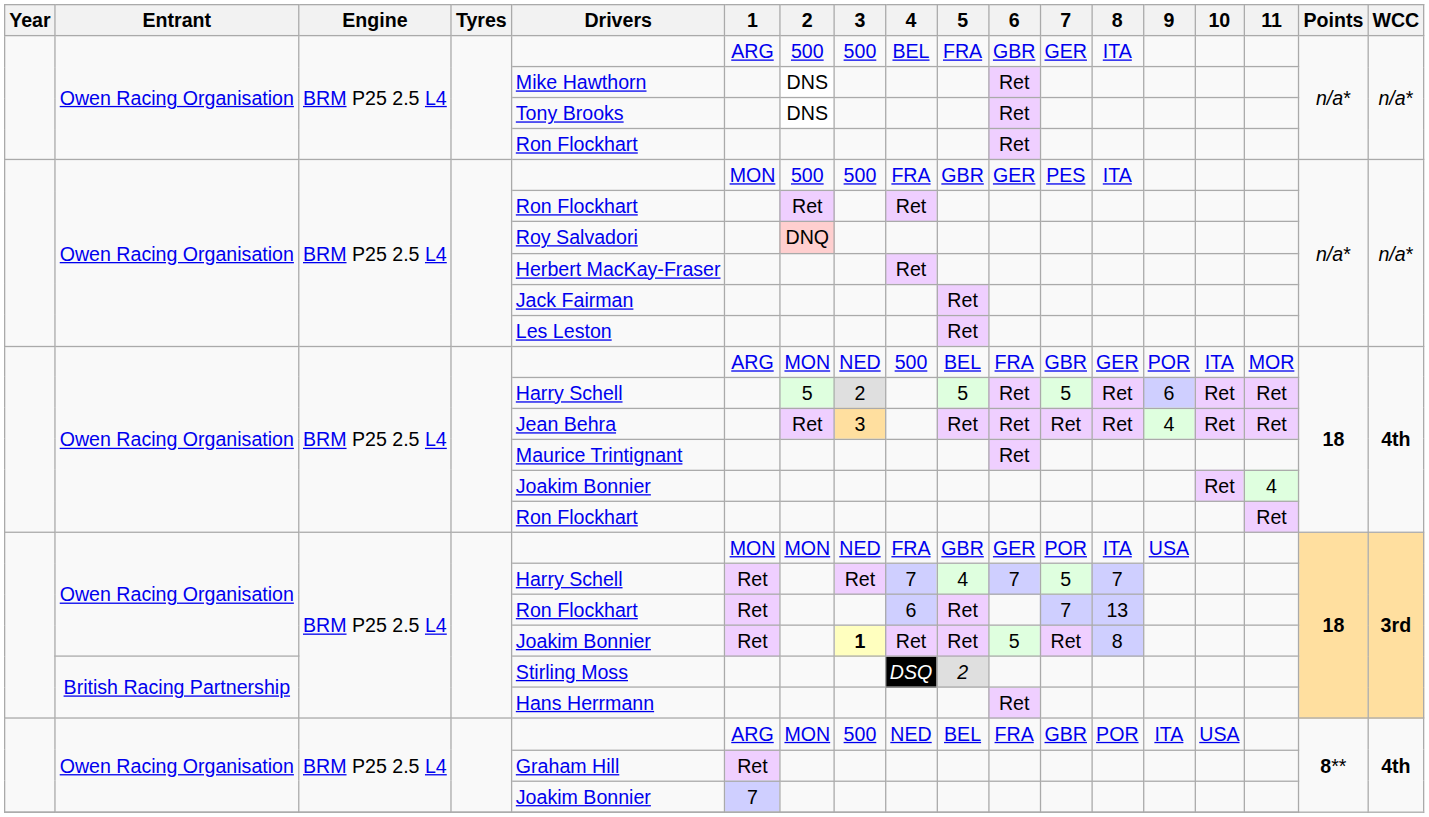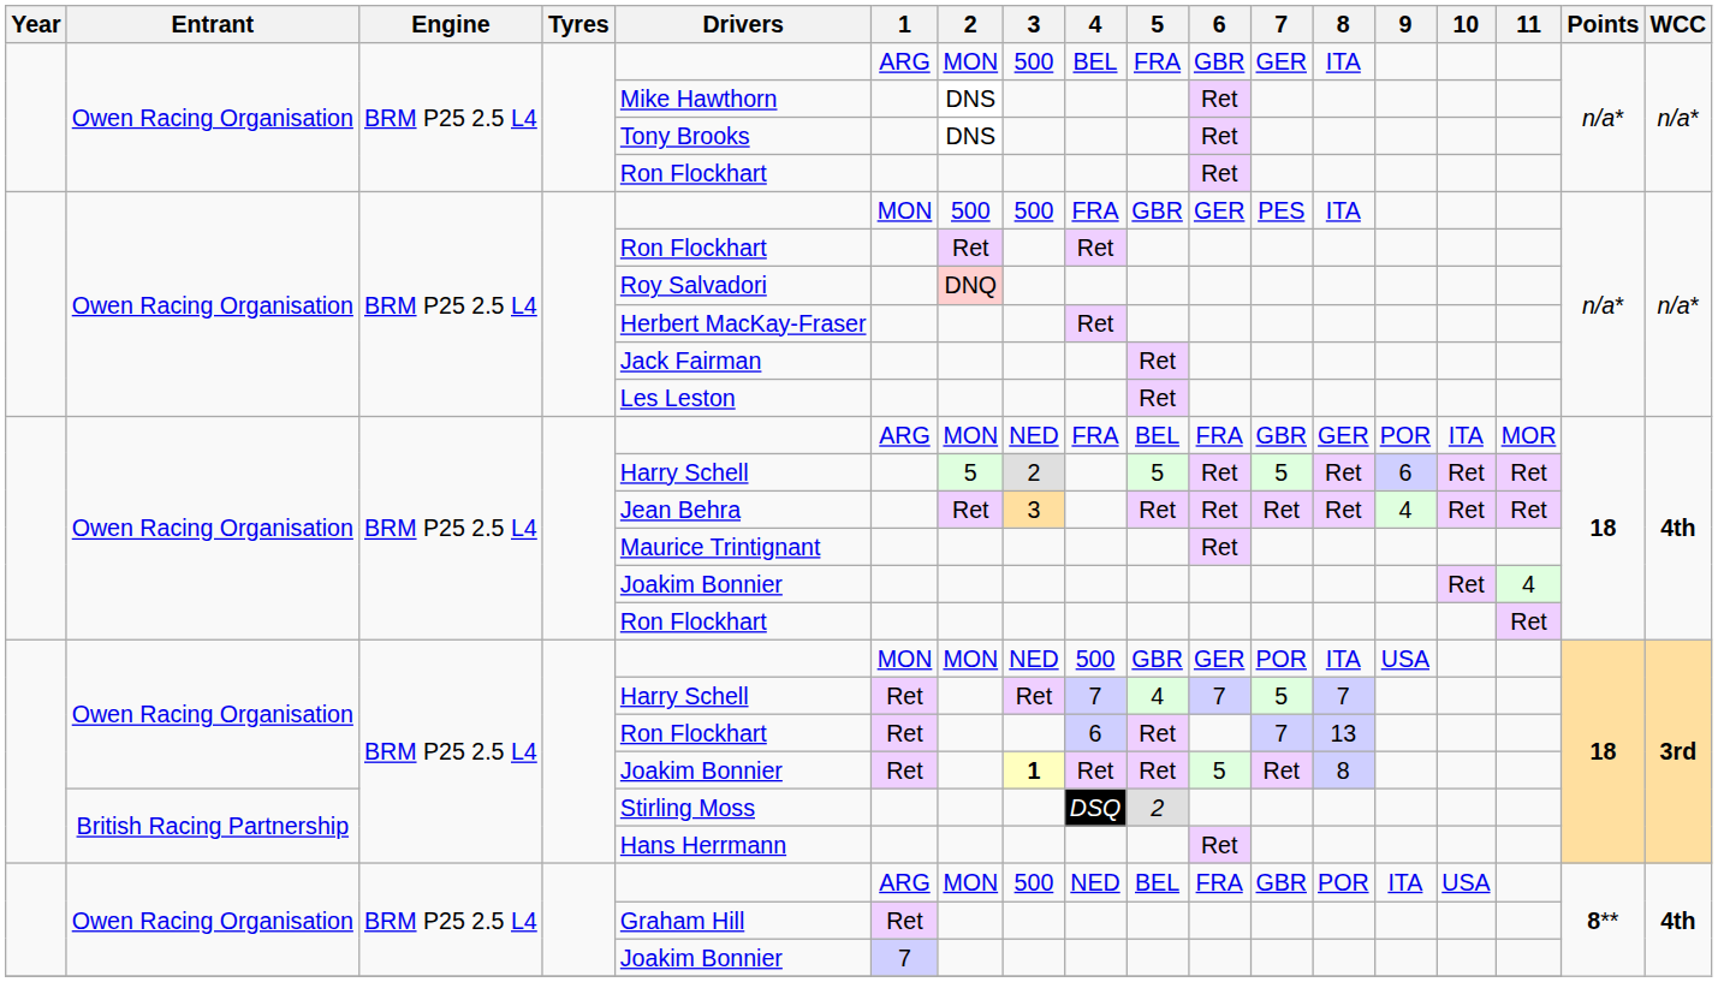 <table class="wikitable" style="text-align:center; font-size:95%">
 <tr>
 <th>Year</th>
 <th>Entrant</th>
 <th>Engine</th>
 <th>Tyres</th>
 <th>Drivers</th>
 <th>1</th>
 <th>2</th>
 <th>3</th>
 <th>4</th>
 <th>5</th>
 <th>6</th>
 <th>7</th>
 <th>8</th>
 <th>9</th>
 <th>10</th>
 <th>11</th>
 <th>Points</th>
 <th>WCC</th>
 </tr>
 <tr>
 <td rowspan="4"></td>
 <td rowspan="4"><a href='#'>Owen Racing Organisation</a></td>
 <td rowspan="4"><a href='#'>BRM</a> P25 2.5 <a href='#'>L4</a></td>
 <td rowspan="4"></td>
 <td></td>
 <td><a href='#'>ARG</a></td>
-<td><a href='#'>500</a></td>
+<td><a href='#'>MON</a></td>
 <td><a href='#'>500</a></td>
 <td><a href='#'>BEL</a></td>
 <td><a href='#'>FRA</a></td>
 <td><a href='#'>GBR</a></td>
 <td><a href='#'>GER</a></td>
 <td><a href='#'>ITA</a></td>
 <td></td>
 <td></td>
 <td></td>
 <td rowspan="4"><em>n/a</em>*</td>
 <td rowspan="4"><em>n/a</em>*</td>
 </tr>
 <tr>
 <td align="left"><a href='#'>Mike Hawthorn</a></td>
 <td></td>
 <td style="background:#ffffff;">DNS</td>
 <td></td>
 <td></td>
 <td></td>
 <td style="background:#EFCFFF;">Ret</td>
 <td></td>
 <td></td>
 <td></td>
 <td></td>
 <td></td>
 </tr>
 <tr>
 <td align="left"><a href='#'>Tony Brooks</a></td>
 <td></td>
 <td style="background:#ffffff;">DNS</td>
 <td></td>
 <td></td>
 <td></td>
 <td style="background:#EFCFFF;">Ret</td>
 <td></td>
 <td></td>
 <td></td>
 <td></td>
 <td></td>
 </tr>
 <tr>
 <td align="left"><a href='#'>Ron Flockhart</a></td>
 <td></td>
 <td></td>
 <td></td>
 <td></td>
 <td></td>
 <td style="background:#EFCFFF;">Ret</td>
 <td></td>
 <td></td>
 <td></td>
 <td></td>
 <td></td>
 </tr>
 <tr>
 <td rowspan="6"></td>
 <td rowspan="6"><a href='#'>Owen Racing Organisation</a></td>
 <td rowspan="6"><a href='#'>BRM</a> P25 2.5 <a href='#'>L4</a></td>
 <td rowspan="6"></td>
 <td></td>
 <td><a href='#'>MON</a></td>
 <td><a href='#'>500</a></td>
 <td><a href='#'>500</a></td>
 <td><a href='#'>FRA</a></td>
 <td><a href='#'>GBR</a></td>
 <td><a href='#'>GER</a></td>
 <td><a href='#'>PES</a></td>
 <td><a href='#'>ITA</a></td>
 <td></td>
 <td></td>
 <td></td>
 <td rowspan="6"><em>n/a</em>*</td>
 <td rowspan="6"><em>n/a</em>*</td>
 </tr>
 <tr>
 <td align="left"><a href='#'>Ron Flockhart</a></td>
 <td></td>
 <td style="background:#EFCFFF;">Ret</td>
 <td></td>
 <td style="background:#EFCFFF;">Ret</td>
 <td></td>
 <td></td>
 <td></td>
 <td></td>
 <td></td>
 <td></td>
 <td></td>
 </tr>
 <tr>
 <td align="left"><a href='#'>Roy Salvadori</a></td>
 <td></td>
 <td style="background:#FFCFCF;">DNQ</td>
 <td></td>
 <td></td>
 <td></td>
 <td></td>
 <td></td>
 <td></td>
 <td></td>
 <td></td>
 <td></td>
 </tr>
 <tr>
 <td align="left"><a href='#'>Herbert MacKay-Fraser</a></td>
 <td></td>
 <td></td>
 <td></td>
 <td style="background:#EFCFFF;">Ret</td>
 <td></td>
 <td></td>
 <td></td>
 <td></td>
 <td></td>
 <td></td>
 <td></td>
 </tr>
 <tr>
 <td align="left"><a href='#'>Jack Fairman</a></td>
 <td></td>
 <td></td>
 <td></td>
 <td></td>
 <td style="background:#EFCFFF;">Ret</td>
 <td></td>
 <td></td>
 <td></td>
 <td></td>
 <td></td>
 <td></td>
 </tr>
 <tr>
 <td align="left"><a href='#'>Les Leston</a></td>
 <td></td>
 <td></td>
 <td></td>
 <td></td>
 <td style="background:#EFCFFF;">Ret</td>
 <td></td>
 <td></td>
 <td></td>
 <td></td>
 <td></td>
 <td></td>
 </tr>
 <tr>
 <td rowspan="6"></td>
 <td rowspan="6"><a href='#'>Owen Racing Organisation</a></td>
 <td rowspan="6"><a href='#'>BRM</a> P25 2.5 <a href='#'>L4</a></td>
 <td rowspan="6"></td>
 <td></td>
 <td><a href='#'>ARG</a></td>
 <td><a href='#'>MON</a></td>
 <td><a href='#'>NED</a></td>
-<td><a href='#'>500</a></td>
+<td><a href='#'>FRA</a></td>
 <td><a href='#'>BEL</a></td>
 <td><a href='#'>FRA</a></td>
 <td><a href='#'>GBR</a></td>
 <td><a href='#'>GER</a></td>
 <td><a href='#'>POR</a></td>
 <td><a href='#'>ITA</a></td>
 <td><a href='#'>MOR</a></td>
 <td rowspan="6"><strong>18</strong></td>
 <td rowspan="6"><strong>4th</strong></td>
 </tr>
 <tr>
 <td align="left"><a href='#'>Harry Schell</a></td>
 <td></td>
 <td style="background:#DFFFDF;">5</td>
 <td style="background:#DFDFDF;">2</td>
 <td></td>
 <td style="background:#DFFFDF;">5</td>
 <td style="background:#EFCFFF;">Ret</td>
 <td style="background:#DFFFDF;">5</td>
 <td style="background:#EFCFFF;">Ret</td>
 <td style="background:#CFCFFF;">6</td>
 <td style="background:#EFCFFF;">Ret</td>
 <td style="background:#EFCFFF;">Ret</td>
 </tr>
 <tr>
 <td align="left"><a href='#'>Jean Behra</a></td>
 <td></td>
 <td style="background:#EFCFFF;">Ret</td>
 <td style="background:#FFDF9F;">3</td>
 <td></td>
 <td style="background:#EFCFFF;">Ret</td>
 <td style="background:#EFCFFF;">Ret</td>
 <td style="background:#EFCFFF;">Ret</td>
 <td style="background:#EFCFFF;">Ret</td>
 <td style="background:#DFFFDF;">4</td>
 <td style="background:#EFCFFF;">Ret</td>
 <td style="background:#EFCFFF;">Ret</td>
 </tr>
 <tr>
 <td align="left"><a href='#'>Maurice Trintignant</a></td>
 <td></td>
 <td></td>
 <td></td>
 <td></td>
 <td></td>
 <td style="background:#EFCFFF;">Ret</td>
 <td></td>
 <td></td>
 <td></td>
 <td></td>
 <td></td>
 </tr>
 <tr>
 <td align="left"><a href='#'>Joakim Bonnier</a></td>
 <td></td>
 <td></td>
 <td></td>
 <td></td>
 <td></td>
 <td></td>
 <td></td>
 <td></td>
 <td></td>
 <td style="background:#EFCFFF;">Ret</td>
 <td style="background:#DFFFDF;">4</td>
 </tr>
 <tr>
 <td align="left"><a href='#'>Ron Flockhart</a></td>
 <td></td>
 <td></td>
 <td></td>
 <td></td>
 <td></td>
 <td></td>
 <td></td>
 <td></td>
 <td></td>
 <td></td>
 <td style="background:#EFCFFF;">Ret</td>
 </tr>
 <tr>
 <td rowspan="6"></td>
 <td rowspan="4"><a href='#'>Owen Racing Organisation</a></td>
 <td rowspan="6"><a href='#'>BRM</a> P25 2.5 <a href='#'>L4</a></td>
 <td rowspan="6"></td>
 <td></td>
 <td><a href='#'>MON</a></td>
 <td><a href='#'>MON</a></td>
 <td><a href='#'>NED</a></td>
-<td><a href='#'>FRA</a></td>
+<td><a href='#'>500</a></td>
 <td><a href='#'>GBR</a></td>
 <td><a href='#'>GER</a></td>
 <td><a href='#'>POR</a></td>
 <td><a href='#'>ITA</a></td>
 <td><a href='#'>USA</a></td>
 <td></td>
 <td></td>
 <td rowspan="6" style="background:#FFDF9F;"><strong>18</strong></td>
 <td rowspan="6" style="background:#FFDF9F;"><strong>3rd</strong></td>
 </tr>
 <tr>
 <td align="left"><a href='#'>Harry Schell</a></td>
 <td style="background:#EFCFFF;">Ret</td>
 <td></td>
 <td style="background:#EFCFFF;">Ret</td>
 <td style="background:#CFCFFF;">7</td>
 <td style="background:#DFFFDF;">4</td>
 <td style="background:#CFCFFF;">7</td>
 <td style="background:#DFFFDF;">5</td>
 <td style="background:#CFCFFF;">7</td>
 <td></td>
 <td></td>
 <td></td>
 </tr>
 <tr>
 <td align="left"><a href='#'>Ron Flockhart</a></td>
 <td style="background:#EFCFFF;">Ret</td>
 <td></td>
 <td></td>
 <td style="background:#CFCFFF;">6</td>
 <td style="background:#EFCFFF;">Ret</td>
 <td></td>
 <td style="background:#CFCFFF;">7</td>
 <td style="background:#CFCFFF;">13</td>
 <td></td>
 <td></td>
 <td></td>
 </tr>
 <tr>
 <td align="left"><a href='#'>Joakim Bonnier</a></td>
 <td style="background:#EFCFFF;">Ret</td>
 <td></td>
 <td style="background:#FFFFBF;"><strong>1</strong></td>
 <td style="background:#EFCFFF;">Ret</td>
 <td style="background:#EFCFFF;">Ret</td>
 <td style="background:#DFFFDF;">5</td>
 <td style="background:#EFCFFF;">Ret</td>
 <td style="background:#CFCFFF;">8</td>
 <td></td>
 <td></td>
 <td></td>
 </tr>
 <tr>
 <td rowspan="2"><a href='#'>British Racing Partnership</a></td>
 <td align="left"><a href='#'>Stirling Moss</a></td>
 <td></td>
 <td></td>
 <td></td>
 <td style="background:#000000; color:white"><em>DSQ</em></td>
 <td style="background:#DFDFDF;"><em>2</em></td>
 <td></td>
 <td></td>
 <td></td>
 <td></td>
 <td></td>
 <td></td>
 </tr>
 <tr>
 <td align="left"><a href='#'>Hans Herrmann</a></td>
 <td></td>
 <td></td>
 <td></td>
 <td></td>
 <td></td>
 <td style="background:#EFCFFF;">Ret</td>
 <td></td>
 <td></td>
 <td></td>
 <td></td>
 <td></td>
 </tr>
 <tr>
 <td rowspan="3"></td>
 <td rowspan="3"><a href='#'>Owen Racing Organisation</a></td>
 <td rowspan="3"><a href='#'>BRM</a> P25 2.5 <a href='#'>L4</a></td>
 <td rowspan="3"></td>
 <td></td>
 <td><a href='#'>ARG</a></td>
 <td><a href='#'>MON</a></td>
 <td><a href='#'>500</a></td>
 <td><a href='#'>NED</a></td>
 <td><a href='#'>BEL</a></td>
 <td><a href='#'>FRA</a></td>
 <td><a href='#'>GBR</a></td>
 <td><a href='#'>POR</a></td>
 <td><a href='#'>ITA</a></td>
 <td><a href='#'>USA</a></td>
 <td></td>
 <td rowspan="4"><strong>8</strong>**</td>
 <td rowspan="4"><strong>4th</strong></td>
 </tr>
 <tr>
 <td align="left"><a href='#'>Graham Hill</a></td>
 <td style="background:#EFCFFF;">Ret</td>
 <td></td>
 <td></td>
 <td></td>
 <td></td>
 <td></td>
 <td></td>
 <td></td>
 <td></td>
 <td></td>
 <td></td>
 </tr>
 <tr>
 <td align="left"><a href='#'>Joakim Bonnier</a></td>
 <td style="background:#CFCFFF;">7</td>
 <td></td>
 <td></td>
 <td></td>
 <td></td>
 <td></td>
 <td></td>
 <td></td>
 <td></td>
 <td></td>
 <td></td>
 </tr>
 <tr>
 </tr>
 </table>
